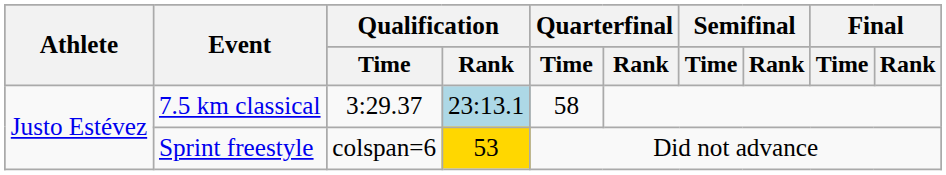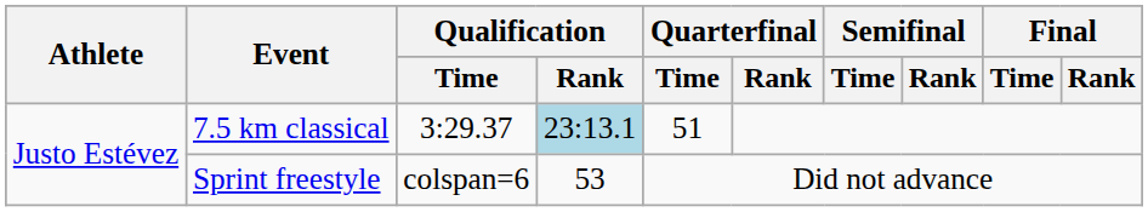 <table class="wikitable" style="font-size:90%">
 <tr>
 <th rowspan="2">Athlete</th>
 <th rowspan="2">Event</th>
 <th colspan="2">Qualification</th>
 <th colspan="2">Quarterfinal</th>
 <th colspan="2">Semifinal</th>
 <th colspan="2">Final</th>
 </tr>
 <tr style="font-size:95%">
 <th>Time</th>
 <th>Rank</th>
 <th>Time</th>
 <th>Rank</th>
 <th>Time</th>
 <th>Rank</th>
 <th>Time</th>
 <th>Rank</th>
 </tr>
 <tr align=center>
 <td align=left rowspan=2><a href='#'>Justo Estévez</a></td>
 <td align=left><a href='#'>7.5 km classical</a></td>
 <td>3:29.37</td>
 <td style="background: lightblue;">23:13.1</td>
-<td>58</td>
+<td>51</td>
 </tr>
 <tr align=center>
 <td align=left><a href='#'>Sprint freestyle</a></td>
 <td>colspan=6</td>
-<td style="background: gold;">53</td>
+<td>53</td>
 <td colspan=6>Did not advance</td>
 </tr>
 </table>
